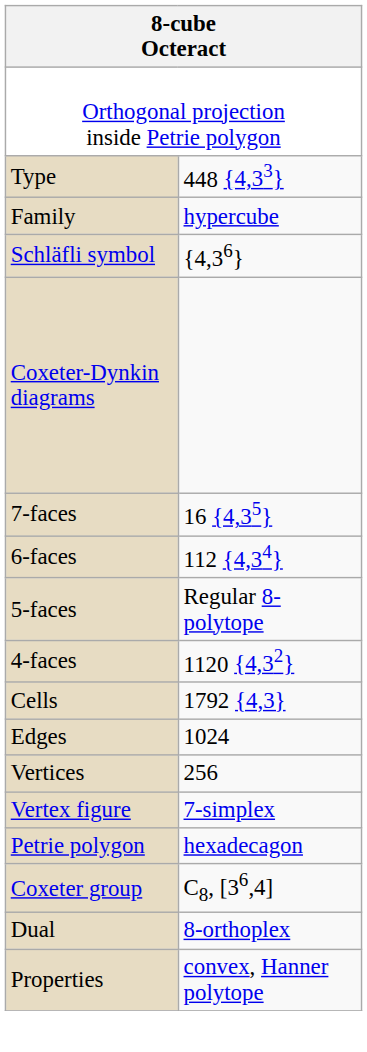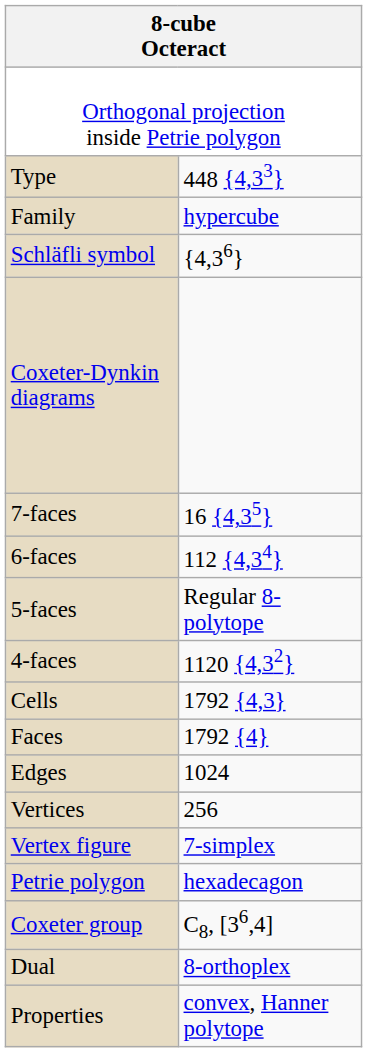 <table class="wikitable" align="right" style="margin-left:10px" width="250">
 <tr>
 <th bgcolor=#e7dcc3 colspan=2>8-cube<br>Octeract</th>
 </tr>
 <tr>
 <td bgcolor=#ffffff align=center colspan=2><br><a href='#'>Orthogonal projection</a><br>inside <a href='#'>Petrie polygon</a></td>
 </tr>
 <tr>
 <td bgcolor=#e7dcc3>Type</td>
 <td>448 <a href='#'>{4,3<sup>3</sup>}</a></td>
 </tr>
 <tr>
 <td bgcolor=#e7dcc3>Family</td>
 <td><a href='#'>hypercube</a></td>
 </tr>
 <tr>
 <td bgcolor=#e7dcc3><a href='#'>Schläfli symbol</a></td>
 <td>{4,3<sup>6</sup>}</td>
 </tr>
 <tr>
 <td bgcolor=#e7dcc3><a href='#'>Coxeter-Dynkin diagrams</a></td>
 <td><br><br><br> <br> <br> <br> <br> <br> </td>
 </tr>
 <tr>
 <td bgcolor=#e7dcc3>7-faces</td>
 <td>16 <a href='#'>{4,3<sup>5</sup>}</a></td>
 </tr>
 <tr>
 <td bgcolor=#e7dcc3>6-faces</td>
 <td>112 <a href='#'>{4,3<sup>4</sup>}</a></td>
 </tr>
 <tr>
 <td bgcolor=#e7dcc3>5-faces</td>
 <td>Regular <a href='#'>8-polytope</a></td>
 </tr>
 <tr>
 <td bgcolor=#e7dcc3>4-faces</td>
 <td>1120 <a href='#'>{4,3<sup>2</sup>}</a></td>
 </tr>
 <tr>
 <td bgcolor=#e7dcc3>Cells</td>
 <td>1792 <a href='#'>{4,3}</a></td>
 </tr>
 <tr>
+<td bgcolor=#e7dcc3>Faces</td>
+<td>1792 <a href='#'>{4}</a></td>
+</tr>
+<tr>
 <td bgcolor=#e7dcc3>Edges</td>
 <td>1024</td>
 </tr>
 <tr>
 <td bgcolor=#e7dcc3>Vertices</td>
 <td>256</td>
 </tr>
 <tr>
 <td bgcolor=#e7dcc3><a href='#'>Vertex figure</a></td>
 <td><a href='#'>7-simplex</a> </td>
 </tr>
 <tr>
 <td bgcolor=#e7dcc3><a href='#'>Petrie polygon</a></td>
 <td><a href='#'>hexadecagon</a></td>
 </tr>
 <tr>
 <td bgcolor=#e7dcc3><a href='#'>Coxeter group</a></td>
 <td>C<sub>8</sub>, [3<sup>6</sup>,4]</td>
 </tr>
 <tr>
 <td bgcolor=#e7dcc3>Dual</td>
 <td><a href='#'>8-orthoplex</a> </td>
 </tr>
 <tr>
 <td bgcolor=#e7dcc3>Properties</td>
 <td><a href='#'>convex</a>, <a href='#'>Hanner polytope</a></td>
 </tr>
 </table>
